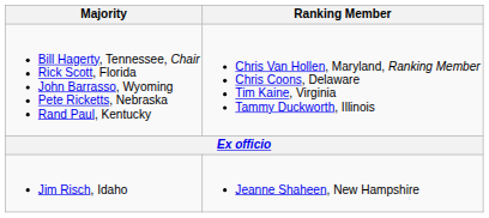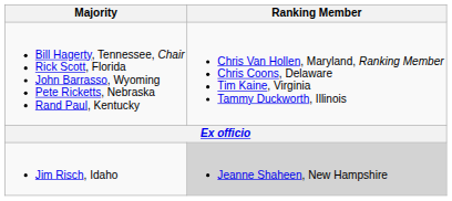 <table class=wikitable>
 <tr>
 <th>Majority</th>
 <th>Ranking Member</th>
 </tr>
 <tr>
 <td><br><ul><li><a href='#'>Bill Hagerty</a>, Tennessee, <em>Chair</em></li><li><a href='#'>Rick Scott</a>, Florida</li><li><a href='#'>John Barrasso</a>, Wyoming</li><li><a href='#'>Pete Ricketts</a>, Nebraska</li><li><a href='#'>Rand Paul</a>, Kentucky</li></ul></td>
 <td><br><ul><li><a href='#'>Chris Van Hollen</a>, Maryland, <em>Ranking Member</em></li><li><a href='#'>Chris Coons</a>, Delaware</li><li><a href='#'>Tim Kaine</a>, Virginia</li><li><a href='#'>Tammy Duckworth</a>, Illinois</li></ul></td>
 </tr>
 <tr>
 <th colspan=2><em><a href='#'>Ex officio</a></em></th>
 </tr>
 <tr>
 <td><br><ul><li><a href='#'>Jim Risch</a>, Idaho</li></ul></td>
-<td><br><ul><li><a href='#'>Jeanne Shaheen</a>, New Hampshire</li></ul></td>
+<td style="background: lightgrey;"><br><ul><li><a href='#'>Jeanne Shaheen</a>, New Hampshire</li></ul></td>
 </tr>
 </table>
